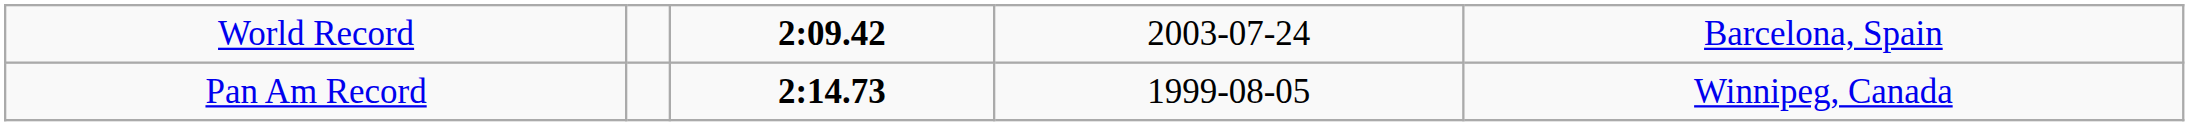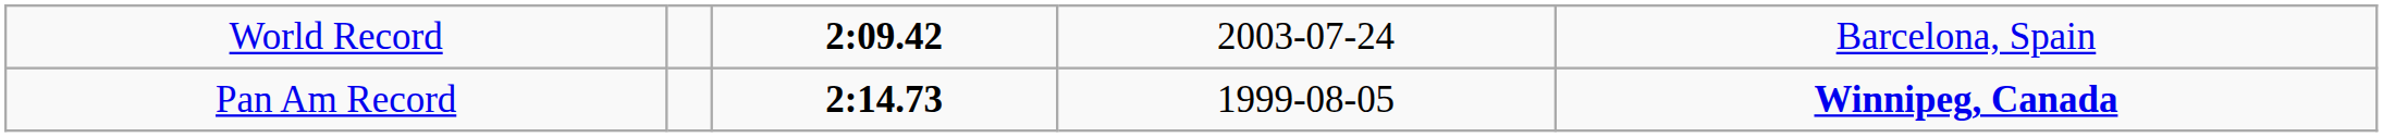 <table class="wikitable" style=" text-align:center; font-size:95%;" width="75%">
 <tr>
 <td><a href='#'>World Record</a></td>
 <td></td>
 <td><strong>2:09.42</strong></td>
 <td>2003-07-24</td>
 <td> <a href='#'>Barcelona, Spain</a></td>
 </tr>
 <tr>
 <td><a href='#'>Pan Am Record</a></td>
 <td></td>
 <td><strong>2:14.73</strong></td>
 <td>1999-08-05</td>
-<td> <a href='#'>Winnipeg, Canada</a></td>
+<td><strong> <a href='#'>Winnipeg, Canada</a></strong></td>
 </tr>
 </table>
